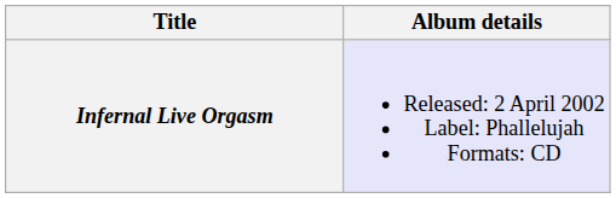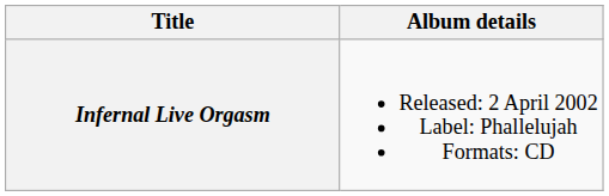 <table class="wikitable plainrowheaders" style="text-align:center;">
 <tr>
 <th scope="col" style="width:15em;">Title</th>
 <th scope="col">Album details</th>
 </tr>
 <tr>
 <th scope="row"><em>Infernal Live Orgasm</em></th>
-<td style="background: lavender;"><br><ul><li>Released: 2 April 2002</li><li>Label: Phallelujah</li><li>Formats: CD</li></ul></td>
+<td><br><ul><li>Released: 2 April 2002</li><li>Label: Phallelujah</li><li>Formats: CD</li></ul></td>
 </tr>
 </table>
